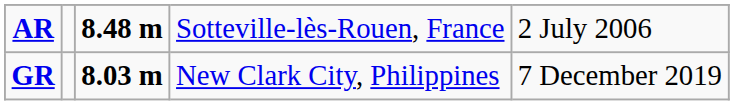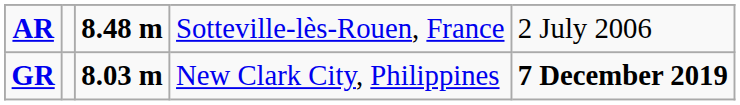 <table class="wikitable" style="font-size:95%; position:relative;">
 <tr>
 <td align=center><strong><a href='#'>AR</a></strong></td>
 <td></td>
 <td><strong>8.48 m</strong></td>
 <td><a href='#'>Sotteville-lès-Rouen</a>, <a href='#'>France</a></td>
 <td>2 July 2006</td>
 </tr>
 <tr>
 <td align=center><strong><a href='#'>GR</a></strong></td>
 <td></td>
 <td><strong>8.03 m</strong></td>
 <td><a href='#'>New Clark City</a>, <a href='#'>Philippines</a></td>
-<td>7 December 2019</td>
+<td><strong>7 December 2019</strong></td>
 </tr>
 </table>
